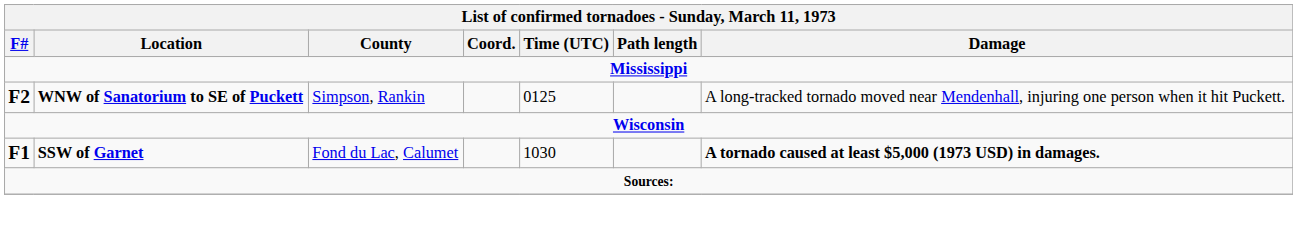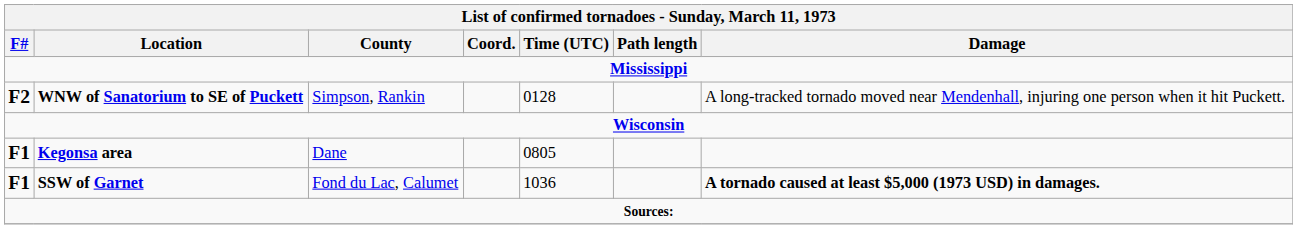 <table class="wikitable collapsible" width="100%">
 <tr>
 <th colspan="7">List of confirmed tornadoes - Sunday, March 11, 1973</th>
 </tr>
 <tr>
 <th><a href='#'>F#</a></th>
 <th>Location</th>
 <th>County</th>
 <th>Coord.</th>
 <th>Time (UTC)</th>
 <th>Path length</th>
 <th>Damage</th>
 </tr>
 <tr>
 <td colspan="7" align=center><strong><a href='#'>Mississippi</a></strong></td>
 </tr>
 <tr>
 <td><big><strong>F2</strong></big></td>
 <td><strong>WNW of <a href='#'>Sanatorium</a> to SE of <a href='#'>Puckett</a></strong></td>
 <td><a href='#'>Simpson</a>, <a href='#'>Rankin</a></td>
 <td></td>
-<td>0125</td>
+<td>0128</td>
 <td></td>
 <td>A long-tracked tornado moved near <a href='#'>Mendenhall</a>, injuring one person when it hit Puckett.</td>
 </tr>
 <tr>
 <td colspan="7" align=center><strong><a href='#'>Wisconsin</a></strong></td>
 </tr>
 <tr>
 <td><big><strong>F1</strong></big></td>
+<td><strong><a href='#'>Kegonsa</a> area</strong></td>
+<td><a href='#'>Dane</a></td>
+<td></td>
+<td>0805</td>
+<td></td>
+<td></td>
+</tr>
+<tr>
+<td><big><strong>F1</strong></big></td>
 <td><strong>SSW of <a href='#'>Garnet</a></strong></td>
 <td><a href='#'>Fond du Lac</a>, <a href='#'>Calumet</a></td>
 <td></td>
-<td>1030</td>
+<td>1036</td>
 <td></td>
 <td><strong>A tornado caused at least $5,000 (1973 USD) in damages.</strong></td>
 </tr>
 <tr>
 <td colspan="7" align=center><small><strong>Sources:</strong> </small></td>
 </tr>
 <tr>
 </tr>
 </table>
